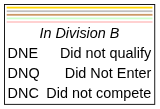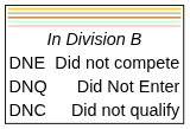 <table style="border:1px solid black;" align=left>
 <tr>
 <td bgcolor=gold colspan=2></td>
 </tr>
 <tr>
 <td bgcolor=silver colspan=2></td>
 </tr>
 <tr>
 <td bgcolor=cc9966 colspan=2></td>
 </tr>
 <tr>
 <td bgcolor=ccffcc colspan=2></td>
 </tr>
 <tr>
 <td bgcolor=ffcccc colspan=2></td>
 </tr>
 <tr>
 <td colspan=2 style="text-align:center;"><em>In Division B</em></td>
 </tr>
 <tr>
 <td>DNE</td>
-<td align=right>Did not qualify</td>
+<td align=right style="width:120px;">Did not compete</td>
 </tr>
 <tr>
 <td>DNQ</td>
 <td align=right>Did Not Enter</td>
 </tr>
 <tr>
 <td>DNC</td>
-<td align=right style="width:120px;">Did not compete</td>
+<td align=right>Did not qualify</td>
 </tr>
 </table>
